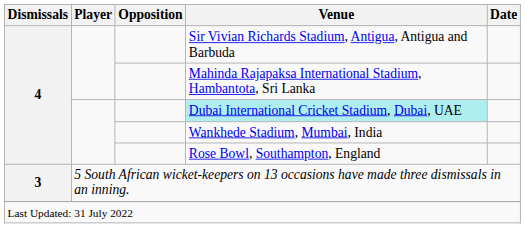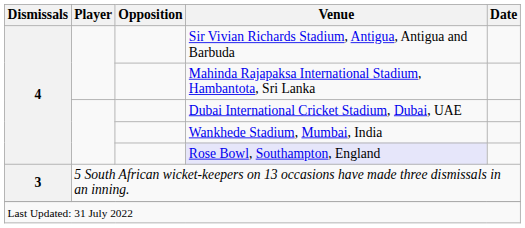 <table class="wikitable plainrowheaders sortable">
 <tr>
 <th scope=col>Dismissals</th>
 <th scope=col>Player</th>
 <th scope=col>Opposition</th>
 <th scope=col>Venue</th>
 <th scope=col>Date</th>
 </tr>
 <tr>
 <th scope=row style=text-align:center; rowspan=5><strong>4</strong></th>
 <td rowspan=2></td>
 <td></td>
 <td><a href='#'>Sir Vivian Richards Stadium</a>, <a href='#'>Antigua</a>, Antigua and Barbuda</td>
 <td></td>
 </tr>
 <tr>
 <td></td>
 <td><a href='#'>Mahinda Rajapaksa International Stadium</a>, <a href='#'>Hambantota</a>, Sri Lanka</td>
 <td></td>
 </tr>
 <tr>
 <td rowspan=3> </td>
 <td></td>
-<td style="background: paleturquoise;"><a href='#'>Dubai International Cricket Stadium</a>, <a href='#'>Dubai</a>, UAE</td>
+<td><a href='#'>Dubai International Cricket Stadium</a>, <a href='#'>Dubai</a>, UAE</td>
 <td></td>
 </tr>
 <tr>
 <td></td>
 <td><a href='#'>Wankhede Stadium</a>, <a href='#'>Mumbai</a>, India</td>
 <td></td>
 </tr>
 <tr>
 <td></td>
-<td><a href='#'>Rose Bowl</a>, <a href='#'>Southampton</a>, England</td>
+<td style="background: lavender;"><a href='#'>Rose Bowl</a>, <a href='#'>Southampton</a>, England</td>
 <td></td>
 </tr>
 <tr>
 <th scope=row style=text-align:center;><strong>3</strong></th>
 <td colspan=4><em>5 South African wicket-keepers on 13 occasions have made three dismissals in an inning.</em></td>
 </tr>
 <tr>
 </tr>
 <tr class=sortbottom>
 <td colspan="5"><small>Last Updated: 31 July 2022</small></td>
 </tr>
 </table>
